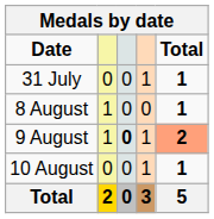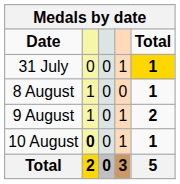 <table class="wikitable" style="font-size:85%">
 <tr bgcolor="#efefef">
 <th colspan=6>Medals by date</th>
 </tr>
 <tr align=center>
 <td><strong>Date</strong></td>
 <td bgcolor=#f7f6a8></td>
 <td bgcolor=#dce5e5></td>
 <td bgcolor=#ffdab9></td>
 <td><strong>Total</strong></td>
 </tr>
 <tr align=center>
 <td>31 July</td>
 <td style="background:#F7F6A8;">0</td>
 <td style="background:#DCE5E5;">0</td>
 <td style="background:#FFDAB9;">1</td>
-<td><strong>1</strong></td>
+<td style="background: gold;"><strong>1</strong></td>
 </tr>
 <tr align=center>
 <td>8 August</td>
 <td style="background:#F7F6A8;">1</td>
 <td style="background:#DCE5E5;">0</td>
 <td style="background:#FFDAB9;">0</td>
 <td><strong>1</strong></td>
 </tr>
 <tr align=center>
 <td>9 August</td>
 <td style="background:#F7F6A8;">1</td>
-<td style="background:#DCE5E5;"><strong>0</strong></td>
+<td style="background:#DCE5E5;">0</td>
 <td style="background:#FFDAB9;">1</td>
-<td style="background: lightsalmon;"><strong>2</strong></td>
+<td><strong>2</strong></td>
 </tr>
 <tr align=center>
 <td>10 August</td>
-<td style="background:#F7F6A8;">0</td>
+<td style="background:#F7F6A8;"><strong>0</strong></td>
 <td style="background:#DCE5E5;">0</td>
 <td style="background:#FFDAB9;">1</td>
 <td><strong>1</strong></td>
 </tr>
 <tr align=center>
 <th><strong>Total</strong></th>
 <th style="background:gold;"><strong>2</strong></th>
 <th style="background:silver;"><strong>0</strong></th>
 <th style="background:#c96;"><strong>3</strong></th>
 <th>5</th>
 </tr>
 </table>
